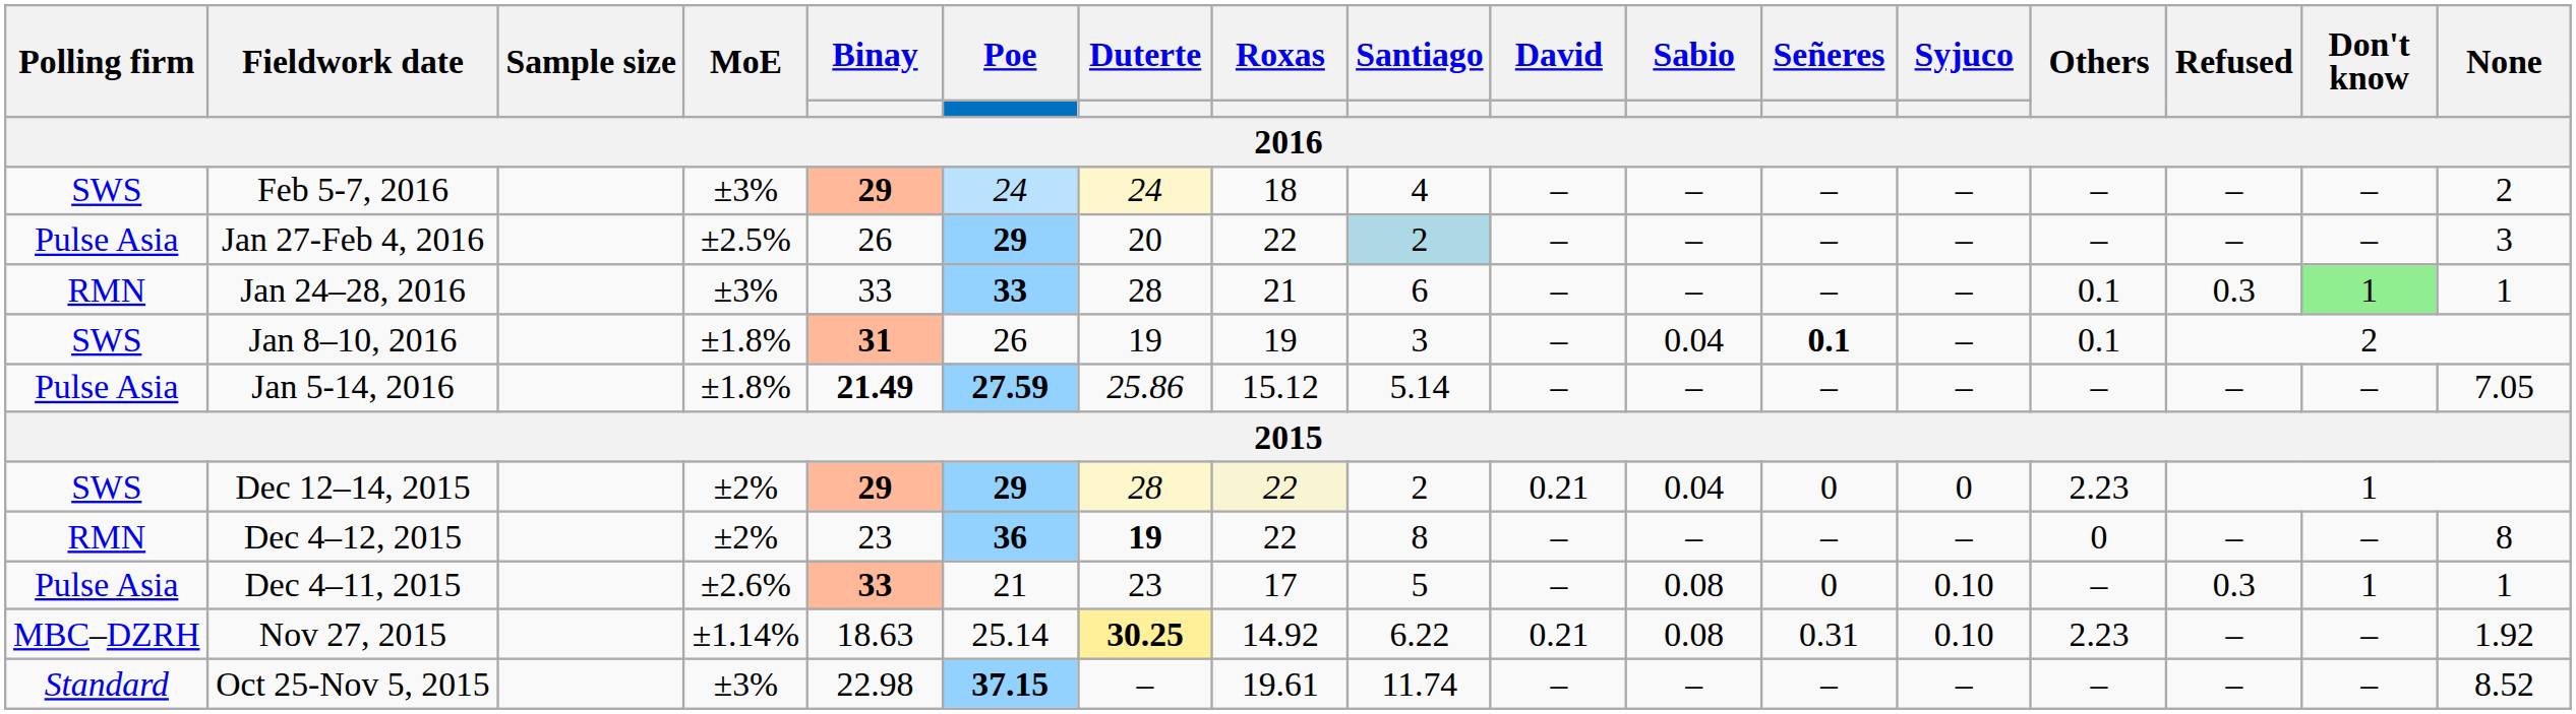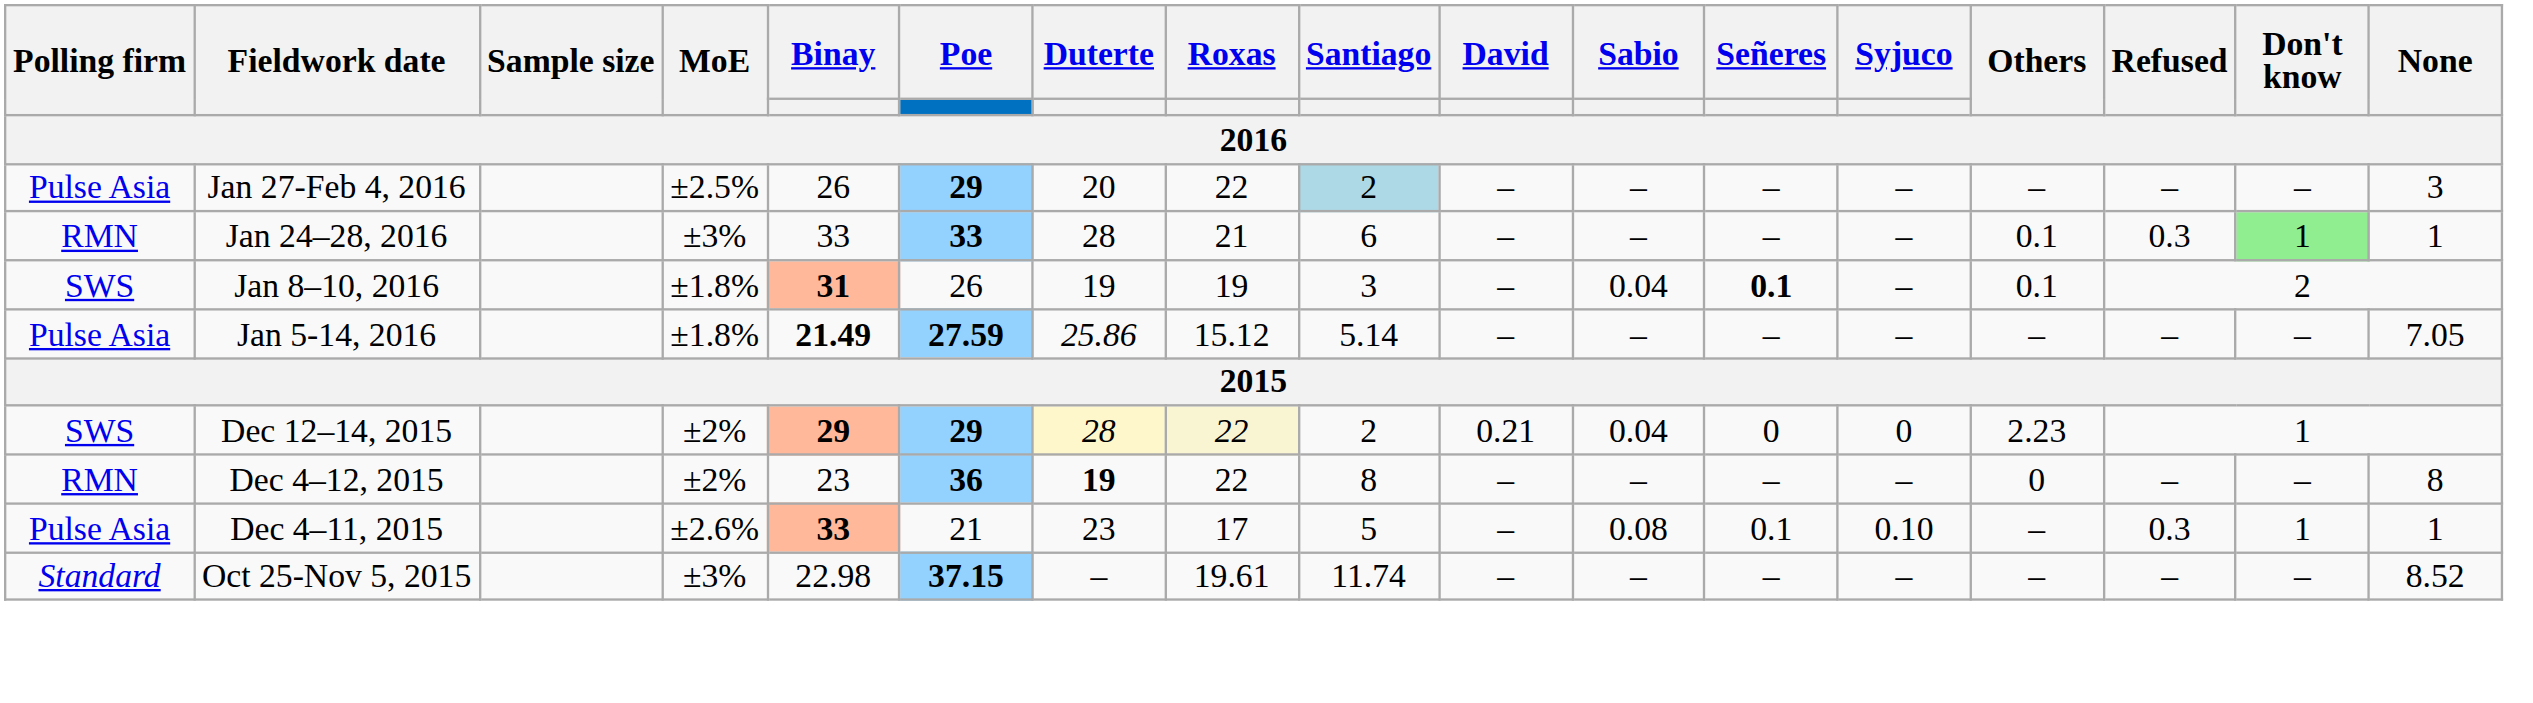 <table class="wikitable" style="text-align:center;font-size:90%;line-height:14px;">
 <tr style="height:40px;">
 <th rowspan="2">Polling firm</th>
 <th rowspan="2">Fieldwork date</th>
 <th rowspan="2">Sample size</th>
 <th rowspan="2"><abbr>MoE</abbr></th>
 <th style="width:50px;"><a href='#'>Binay</a><br></th>
 <th style="width:50px;"><a href='#'>Poe</a><br></th>
 <th style="width:50px;"><a href='#'>Duterte</a><br></th>
 <th style="width:50px;"><a href='#'>Roxas</a><br></th>
 <th style="width:50px;"><a href='#'>Santiago</a><br></th>
 <th style="width:50px;"><a href='#'>David</a><br></th>
 <th style="width:50px;"><a href='#'>Sabio</a><br></th>
 <th style="width:50px;"><a href='#'>Señeres</a><br></th>
 <th style="width:50px;"><a href='#'>Syjuco</a><br></th>
 <th style="width:50px;" rowspan="2">Others</th>
 <th style="width:50px;" rowspan="2">Refused</th>
 <th style="width:50px;" rowspan="2">Don't know</th>
 <th style="width:50px;" rowspan="2">None</th>
 </tr>
 <tr>
 <th style="background:"></th>
 <th style="background:#0070C0;"></th>
 <th style="background:"></th>
 <th style="background:"></th>
 <th style="background:"></th>
 <th style="background:"></th>
 <th style="background:"></th>
 <th style="background:"></th>
 <th style="background:"></th>
 </tr>
 <tr>
 <th colspan="17">2016</th>
-</tr>
-<tr>
-<td><a href='#'>SWS</a></td>
-<td>Feb 5-7, 2016</td>
-<td></td>
-<td>±3%</td>
-<td style="background:#FFB899;"><strong>29</strong></td>
-<td style="background:#bae2ff;"><em>24</em></td>
-<td style="background:#fff7cc;"><em>24</em></td>
-<td>18</td>
-<td>4</td>
-<td>–</td>
-<td>–</td>
-<td>–</td>
-<td>–</td>
-<td>–</td>
-<td>–</td>
-<td>–</td>
-<td>2</td>
 </tr>
 <tr>
 <td><a href='#'>Pulse Asia</a></td>
 <td>Jan 27-Feb 4, 2016</td>
 <td></td>
 <td>±2.5%</td>
 <td>26</td>
 <td style="background:#93d2ff;"><strong>29</strong></td>
 <td>20</td>
 <td>22</td>
 <td style="background: lightblue;">2</td>
 <td>–</td>
 <td>–</td>
 <td>–</td>
 <td>–</td>
 <td>–</td>
 <td>–</td>
 <td>–</td>
 <td>3</td>
 </tr>
 <tr>
 <td><a href='#'>RMN</a></td>
 <td>Jan 24–28, 2016</td>
 <td></td>
 <td>±3%</td>
 <td>33</td>
 <td style="background:#93d2ff;"><strong>33</strong></td>
 <td>28</td>
 <td>21</td>
 <td>6</td>
 <td>–</td>
 <td>–</td>
 <td>–</td>
 <td>–</td>
 <td>0.1</td>
 <td>0.3</td>
 <td style="background: lightgreen;">1</td>
 <td>1</td>
 </tr>
 <tr>
 <td><a href='#'>SWS</a></td>
 <td>Jan 8–10, 2016</td>
 <td></td>
 <td>±1.8%</td>
 <td style="background:#FFB899;"><strong>31</strong></td>
 <td>26</td>
 <td>19</td>
 <td>19</td>
 <td>3</td>
 <td>–</td>
 <td>0.04</td>
 <td><strong>0.1</strong></td>
 <td>–</td>
 <td>0.1</td>
 <td colspan="3">2</td>
 </tr>
 <tr>
 <td><a href='#'>Pulse Asia</a></td>
 <td>Jan 5-14, 2016</td>
 <td></td>
 <td>±1.8%</td>
 <td><strong>21.49</strong></td>
 <td style="background:#93d2ff;"><strong>27.59</strong></td>
 <td><em>25.86</em></td>
 <td>15.12</td>
 <td>5.14</td>
 <td>–</td>
 <td>–</td>
 <td>–</td>
 <td>–</td>
 <td>–</td>
 <td>–</td>
 <td>–</td>
 <td>7.05</td>
 </tr>
 <tr>
 <th colspan="17">2015</th>
 </tr>
 <tr>
 <td><a href='#'>SWS</a></td>
 <td>Dec 12–14, 2015</td>
 <td></td>
 <td>±2%</td>
 <td style="background:#FFB899;"><strong>29</strong></td>
 <td style="background:#93d2ff;"><strong>29</strong></td>
 <td style="background:#fff7cc;"><em>28</em></td>
 <td style="background:#f9f5d2;"><em>22</em></td>
 <td>2</td>
 <td>0.21</td>
 <td>0.04</td>
 <td>0</td>
 <td>0</td>
 <td>2.23</td>
 <td colspan="3">1</td>
 </tr>
 <tr>
 <td><a href='#'>RMN</a></td>
 <td>Dec 4–12, 2015</td>
 <td></td>
 <td>±2%</td>
 <td>23</td>
 <td style="background:#93d2ff;"><strong>36</strong></td>
 <td><strong>19</strong></td>
 <td>22</td>
 <td>8</td>
 <td>–</td>
 <td>–</td>
 <td>–</td>
 <td>–</td>
 <td>0</td>
 <td>–</td>
 <td>–</td>
 <td>8</td>
 </tr>
 <tr>
 <td><a href='#'>Pulse Asia</a></td>
 <td>Dec 4–11, 2015</td>
 <td></td>
 <td>±2.6%</td>
 <td style="background:#FFB899;"><strong>33</strong></td>
 <td>21</td>
 <td>23</td>
 <td>17</td>
 <td>5</td>
 <td>–</td>
 <td>0.08</td>
-<td>0</td>
+<td>0.1</td>
 <td>0.10</td>
 <td>–</td>
 <td>0.3</td>
 <td>1</td>
 <td>1</td>
-</tr>
-<tr>
-<td><a href='#'>MBC</a>–<a href='#'>DZRH</a></td>
-<td>Nov 27, 2015</td>
-<td></td>
-<td>±1.14%</td>
-<td>18.63</td>
-<td>25.14</td>
-<td style="background:#fff099;"><strong>30.25</strong></td>
-<td>14.92</td>
-<td>6.22</td>
-<td>0.21</td>
-<td>0.08</td>
-<td>0.31</td>
-<td>0.10</td>
-<td>2.23</td>
-<td>–</td>
-<td>–</td>
-<td>1.92</td>
 </tr>
 <tr>
 <td><em><a href='#'>Standard</a></em></td>
 <td>Oct 25-Nov 5, 2015</td>
 <td></td>
 <td>±3%</td>
 <td>22.98</td>
 <td style="background:#93d2ff;"><strong>37.15</strong></td>
 <td>–</td>
 <td>19.61</td>
 <td>11.74</td>
 <td>–</td>
 <td>–</td>
 <td>–</td>
 <td>–</td>
 <td>–</td>
 <td>–</td>
 <td>–</td>
 <td>8.52</td>
 </tr>
 </table>
